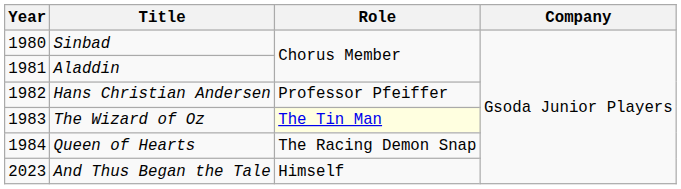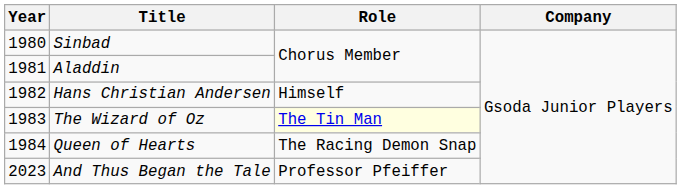 <table class="wikitable sortable">
 <tr>
 <th>Year</th>
 <th>Title</th>
 <th>Role</th>
 <th>Company</th>
 </tr>
 <tr>
 <td>1980</td>
 <td><em>Sinbad</em></td>
 <td rowspan="2">Chorus Member</td>
 <td rowspan="6">Gsoda Junior Players</td>
 </tr>
 <tr>
 <td>1981</td>
 <td><em>Aladdin</em></td>
 </tr>
 <tr>
 <td>1982</td>
 <td><em>Hans Christian Andersen</em></td>
-<td>Professor Pfeiffer</td>
+<td>Himself</td>
 </tr>
 <tr>
 <td>1983</td>
 <td><em>The Wizard of Oz</em></td>
 <td style="background: lightyellow;"><a href='#'>The Tin Man</a></td>
 </tr>
 <tr>
 <td>1984</td>
 <td><em>Queen of Hearts</em></td>
 <td>The Racing Demon Snap</td>
 </tr>
 <tr>
 <td>2023</td>
 <td><em>And Thus Began the Tale</em></td>
-<td>Himself</td>
+<td>Professor Pfeiffer</td>
 </tr>
 </table>
